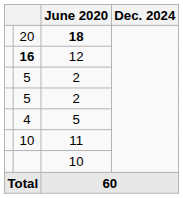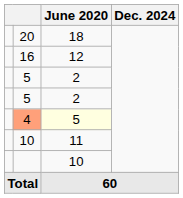 <table class="wikitable" style="font-size: 95%;">
 <tr>
 <th colspan="2"> </th>
 <th>June 2020</th>
 <th>Dec. 2024</th>
 </tr>
 <tr style="text-align:center">
 <td></td>
 <td>20</td>
-<td><strong>18</strong></td>
+<td>18</td>
 </tr>
 <tr style="text-align:center">
 <td></td>
-<td><strong>16</strong></td>
+<td>16</td>
 <td>12</td>
 </tr>
 <tr style="text-align:center">
 <td></td>
 <td>5</td>
 <td>2</td>
 </tr>
 <tr style="text-align:center">
 <td></td>
 <td>5</td>
 <td>2</td>
 </tr>
 <tr style="text-align:center">
 <td></td>
-<td>4</td>
-<td>5</td>
+<td style="background: lightsalmon;">4</td>
+<td style="background: lightyellow;">5</td>
 </tr>
 <tr style="text-align:center">
 <td></td>
 <td>10</td>
 <td>11</td>
 </tr>
 <tr style="text-align:center">
 <td></td>
 <td></td>
 <td>10</td>
 </tr>
 <tr style="font-weight:bold; background:rgb(232,232,232); text-align:center">
 <td colspan="2">Total</td>
 <td colspan="2">60</td>
 </tr>
 </table>
